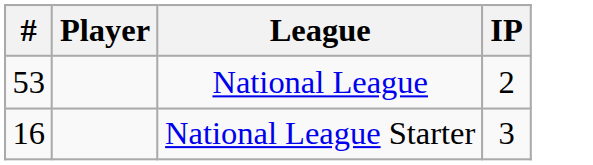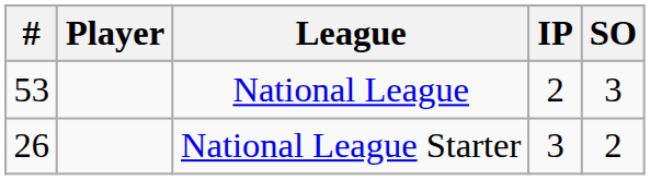 <table class="wikitable sortable">
 <tr>
 <th>#</th>
 <th>Player</th>
 <th>League</th>
 <th>IP</th>
+<th>SO</th>
 </tr>
 <tr align="center">
 <td>53</td>
 <td></td>
 <td><a href='#'>National League</a></td>
 <td>2</td>
+<td>3</td>
 </tr>
 <tr align="center">
-<td>16</td>
+<td>26</td>
 <td></td>
 <td><a href='#'>National League</a> Starter</td>
 <td>3</td>
+<td>2</td>
 </tr>
 </table>
